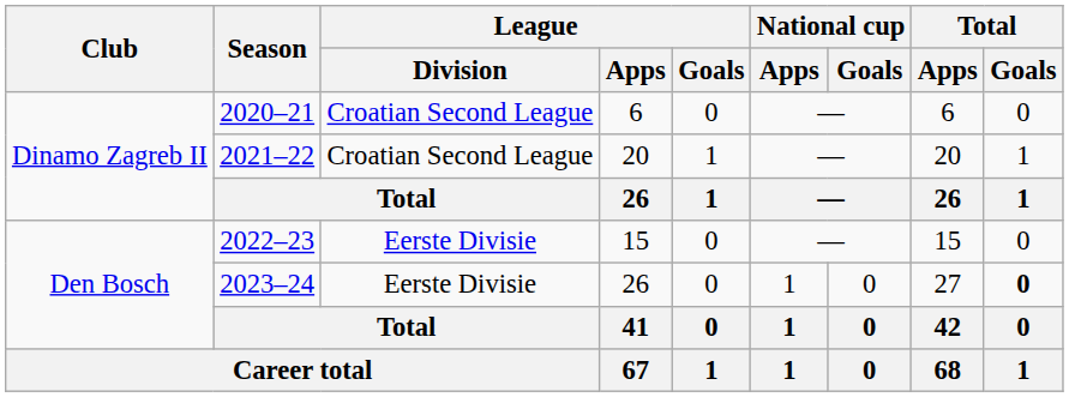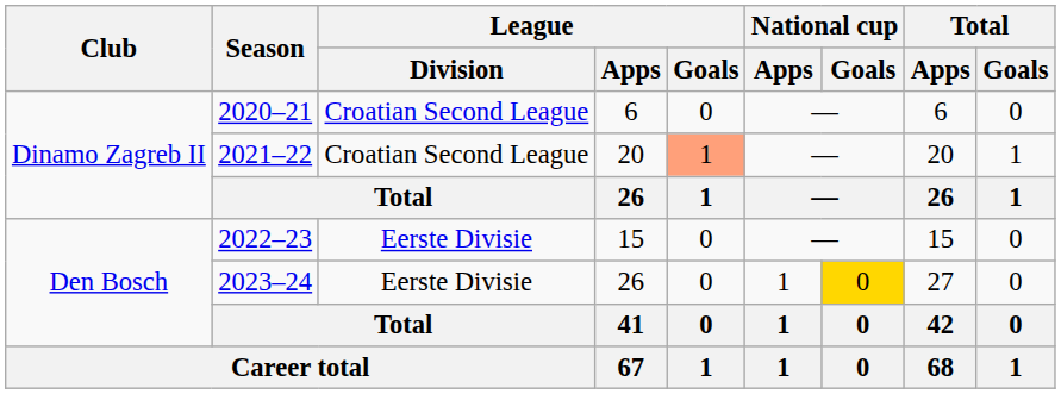 <table class="wikitable" style="text-align: center;">
 <tr>
 <th rowspan="2">Club</th>
 <th rowspan="2">Season</th>
 <th colspan="3">League</th>
 <th colspan="2">National cup</th>
 <th colspan="2">Total</th>
 </tr>
 <tr>
 <th>Division</th>
 <th>Apps</th>
 <th>Goals</th>
 <th>Apps</th>
 <th>Goals</th>
 <th>Apps</th>
 <th>Goals</th>
 </tr>
 <tr>
 <td rowspan="3"><a href='#'>Dinamo Zagreb II</a></td>
 <td><a href='#'>2020–21</a></td>
 <td><a href='#'>Croatian Second League</a></td>
 <td>6</td>
 <td>0</td>
 <td colspan="2">―</td>
 <td>6</td>
 <td>0</td>
 </tr>
 <tr>
 <td><a href='#'>2021–22</a></td>
 <td>Croatian Second League</td>
 <td>20</td>
-<td>1</td>
+<td style="background: lightsalmon;">1</td>
 <td colspan="2">―</td>
 <td>20</td>
 <td>1</td>
 </tr>
 <tr>
 <th colspan="2">Total</th>
 <th>26</th>
 <th>1</th>
 <th colspan="2">―</th>
 <th>26</th>
 <th>1</th>
 </tr>
 <tr>
 <td rowspan="3"><a href='#'>Den Bosch</a></td>
 <td><a href='#'>2022–23</a></td>
 <td><a href='#'>Eerste Divisie</a></td>
 <td>15</td>
 <td>0</td>
 <td colspan="2">―</td>
 <td>15</td>
 <td>0</td>
 </tr>
 <tr>
 <td><a href='#'>2023–24</a></td>
 <td>Eerste Divisie</td>
 <td>26</td>
 <td>0</td>
 <td>1</td>
+<td style="background: gold;">0</td>
+<td>27</td>
 <td>0</td>
-<td>27</td>
-<td><strong>0</strong></td>
 </tr>
 <tr>
 <th colspan="2">Total</th>
 <th>41</th>
 <th>0</th>
 <th>1</th>
 <th>0</th>
 <th>42</th>
 <th>0</th>
 </tr>
 <tr>
 <th colspan="3">Career total</th>
 <th>67</th>
 <th>1</th>
 <th>1</th>
 <th>0</th>
 <th>68</th>
 <th>1</th>
 </tr>
 </table>
